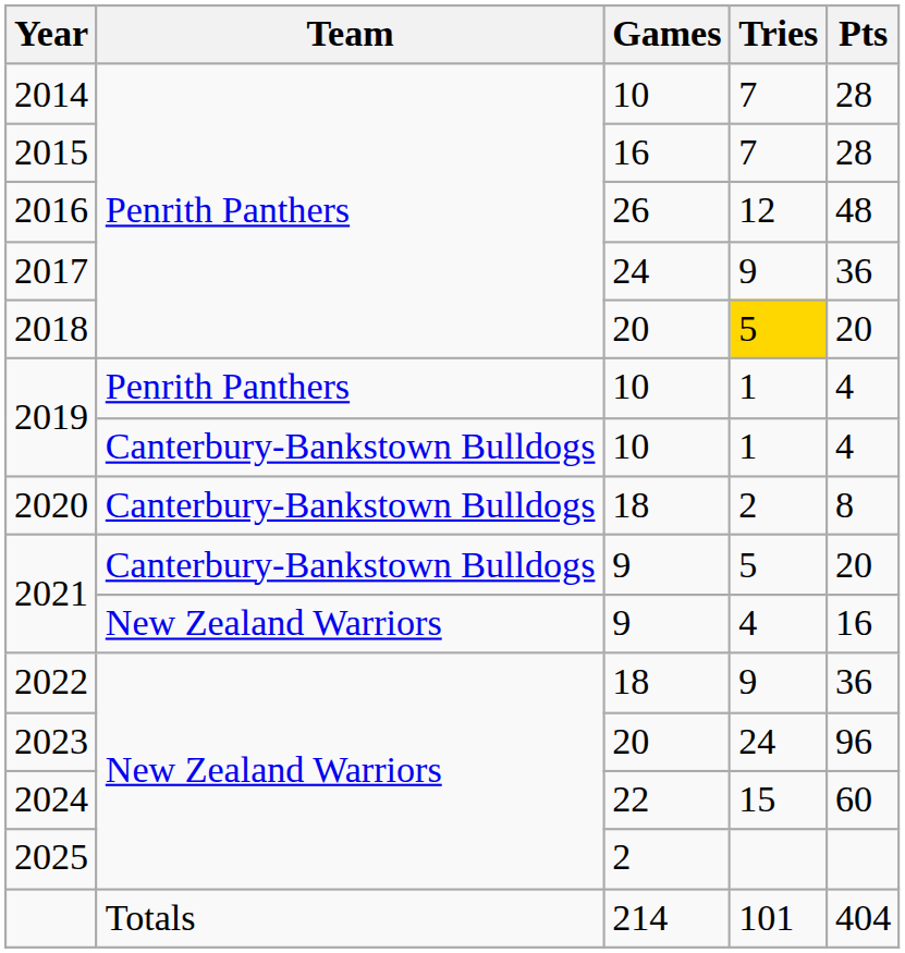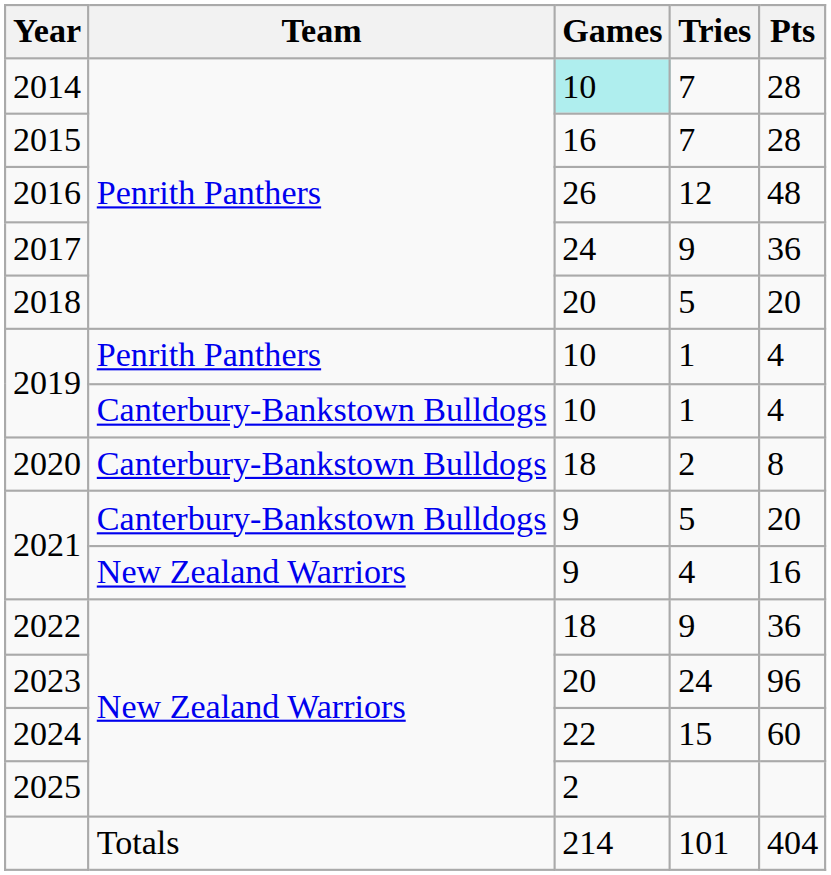 <table class="wikitable">
 <tr>
 <th>Year</th>
 <th>Team</th>
 <th>Games</th>
 <th>Tries</th>
 <th>Pts</th>
 </tr>
 <tr>
 <td>2014</td>
 <td rowspan="5"> <a href='#'>Penrith Panthers</a></td>
-<td>10</td>
+<td style="background: paleturquoise;">10</td>
 <td>7</td>
 <td>28</td>
 </tr>
 <tr>
 <td>2015</td>
 <td>16</td>
 <td>7</td>
 <td>28</td>
 </tr>
 <tr>
 <td>2016</td>
 <td>26</td>
 <td>12</td>
 <td>48</td>
 </tr>
 <tr>
 <td>2017</td>
 <td>24</td>
 <td>9</td>
 <td>36</td>
 </tr>
 <tr>
 <td>2018</td>
 <td>20</td>
-<td style="background: gold;">5</td>
+<td>5</td>
 <td>20</td>
 </tr>
 <tr>
 <td rowspan="2">2019</td>
 <td> <a href='#'>Penrith Panthers</a></td>
 <td>10</td>
 <td>1</td>
 <td>4</td>
 </tr>
 <tr>
 <td> <a href='#'>Canterbury-Bankstown Bulldogs</a></td>
 <td>10</td>
 <td>1</td>
 <td>4</td>
 </tr>
 <tr>
 <td>2020</td>
 <td> <a href='#'>Canterbury-Bankstown Bulldogs</a></td>
 <td>18</td>
 <td>2</td>
 <td>8</td>
 </tr>
 <tr>
 <td rowspan="2">2021</td>
 <td> <a href='#'>Canterbury-Bankstown Bulldogs</a></td>
 <td>9</td>
 <td>5</td>
 <td>20</td>
 </tr>
 <tr>
 <td> <a href='#'>New Zealand Warriors</a></td>
 <td>9</td>
 <td>4</td>
 <td>16</td>
 </tr>
 <tr>
 <td>2022</td>
 <td rowspan="4"> <a href='#'>New Zealand Warriors</a></td>
 <td>18</td>
 <td>9</td>
 <td>36</td>
 </tr>
 <tr>
 <td>2023</td>
 <td>20</td>
 <td>24</td>
 <td>96</td>
 </tr>
 <tr>
 <td>2024</td>
 <td>22</td>
 <td>15</td>
 <td>60</td>
 </tr>
 <tr>
 <td>2025</td>
 <td>2</td>
 <td></td>
 <td></td>
 </tr>
 <tr>
 <td></td>
 <td>Totals</td>
 <td>214</td>
 <td>101</td>
 <td>404</td>
 </tr>
 </table>
